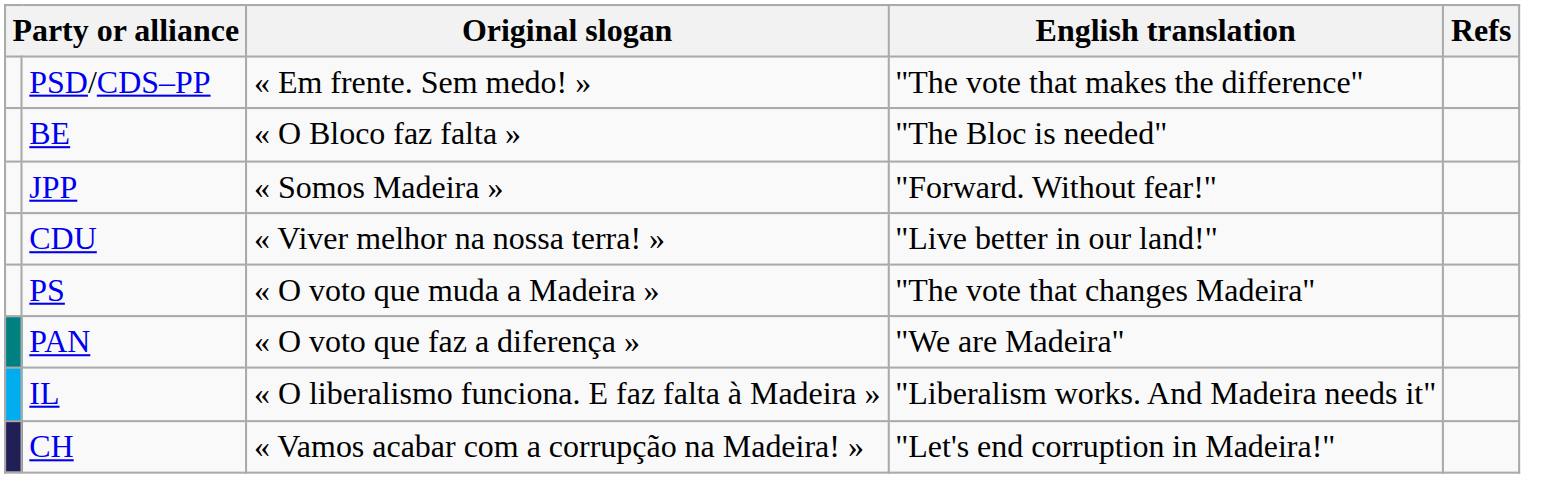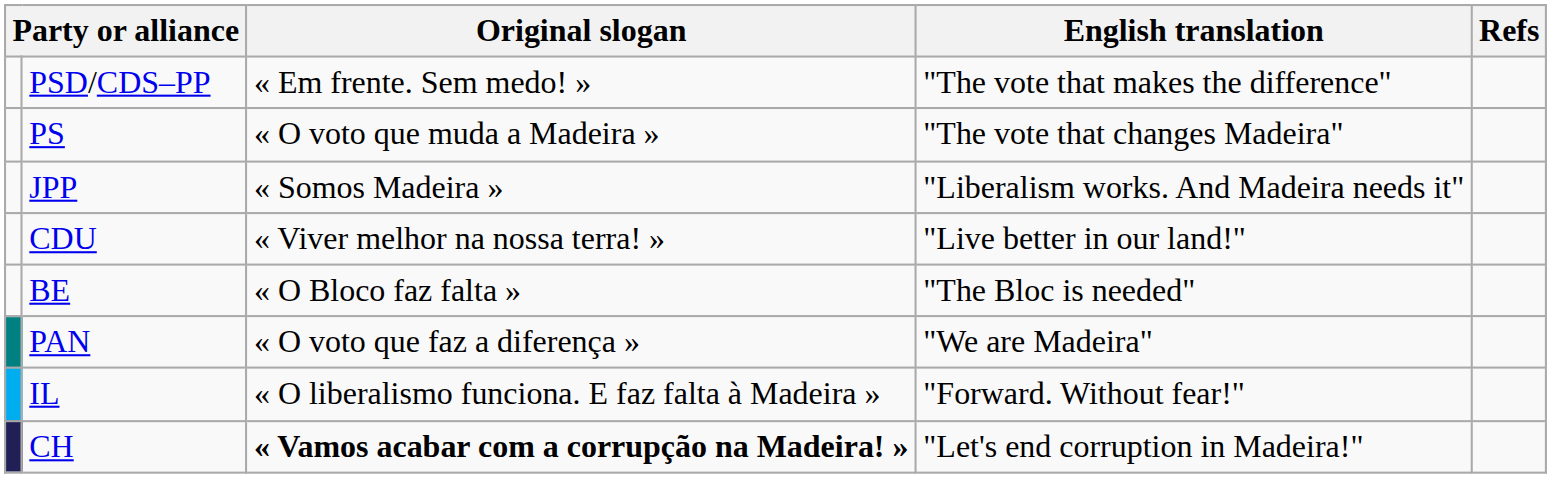 <table class="wikitable" style="font-size:97%; text-align:left;">
 <tr>
 <th style="text-align:left;" colspan="2">Party or alliance</th>
 <th>Original slogan</th>
 <th>English translation</th>
 <th>Refs</th>
 </tr>
 <tr>
 <td style="color:inherit;background:"></td>
 <td><a href='#'>PSD</a>/<a href='#'>CDS–PP</a></td>
 <td>« Em frente. Sem medo! »</td>
 <td>"The vote that makes the difference"</td>
 <td></td>
 </tr>
 <tr>
-<td style="color:inherit;background:"></td>
-<td><a href='#'>BE</a></td>
-<td>« O Bloco faz falta »</td>
-<td>"The Bloc is needed"</td>
+<td width="1" style="color:inherit;background:"></td>
+<td><a href='#'>PS</a></td>
+<td>« O voto que muda a Madeira »</td>
+<td>"The vote that changes Madeira"</td>
 <td></td>
 </tr>
 <tr>
 <td style="color:inherit;background:"></td>
 <td><a href='#'>JPP</a></td>
 <td>« Somos Madeira »</td>
-<td>"Forward. Without fear!"</td>
+<td>"Liberalism works. And Madeira needs it"</td>
 <td></td>
 </tr>
 <tr>
 <td style="color:inherit;background:"></td>
 <td><a href='#'>CDU</a></td>
 <td>« Viver melhor na nossa terra! »</td>
 <td>"Live better in our land!"</td>
 <td></td>
 </tr>
 <tr>
-<td width="1" style="color:inherit;background:"></td>
-<td><a href='#'>PS</a></td>
-<td>« O voto que muda a Madeira »</td>
-<td>"The vote that changes Madeira"</td>
+<td style="color:inherit;background:"></td>
+<td><a href='#'>BE</a></td>
+<td>« O Bloco faz falta »</td>
+<td>"The Bloc is needed"</td>
 <td></td>
 </tr>
 <tr>
 <td style="background:teal;"></td>
 <td><a href='#'>PAN</a></td>
 <td>« O voto que faz a diferença »</td>
 <td>"We are Madeira"</td>
 <td></td>
 </tr>
 <tr>
 <td style="background:#00ADEF;"></td>
 <td><a href='#'>IL</a></td>
 <td>« O liberalismo funciona. E faz falta à Madeira »</td>
-<td>"Liberalism works. And Madeira needs it"</td>
+<td>"Forward. Without fear!"</td>
 <td></td>
 </tr>
 <tr>
 <td style="background:#202056;"></td>
 <td><a href='#'>CH</a></td>
-<td>« Vamos acabar com a corrupção na Madeira! »</td>
+<td><strong>« Vamos acabar com a corrupção na Madeira! »</strong></td>
 <td>"Let's end corruption in Madeira!"</td>
 <td></td>
 </tr>
 </table>
